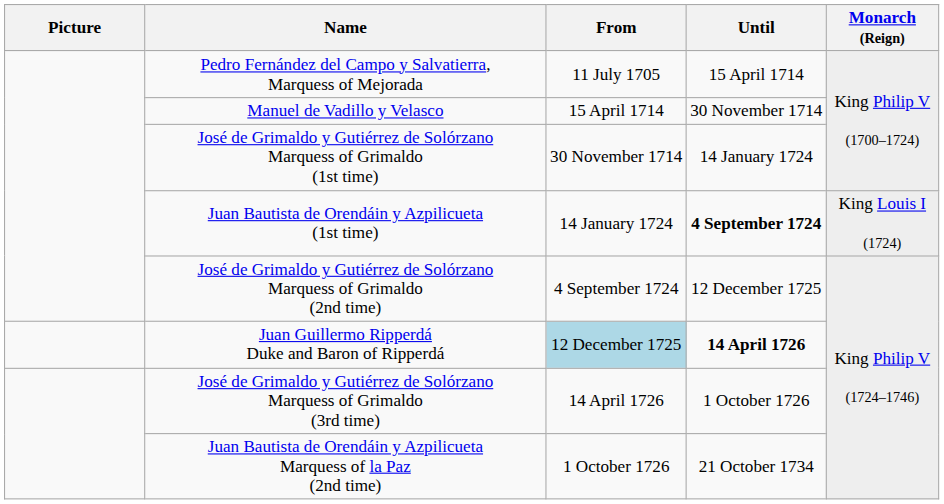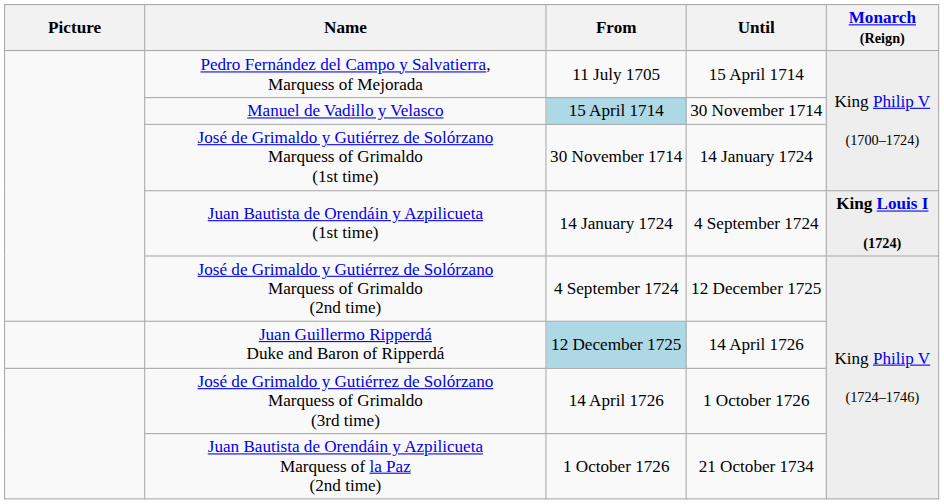 <table class="wikitable" style="text-align:center">
 <tr>
 <th style="width:80px;">Picture</th>
 <th style="width:43%;">Name</th>
 <th style="width:15%;">From</th>
 <th style="width:15%;">Until</th>
 <th style="width:12%;"><a href='#'>Monarch</a><br><small>(Reign)</small></th>
 </tr>
 <tr>
 <td rowspan="5"></td>
 <td><a href='#'>Pedro Fernández del Campo y Salvatierra</a>, <br>Marquess of Mejorada</td>
 <td>11 July 1705</td>
 <td>15 April 1714</td>
 <td rowspan="3" style="background:#EEE">King <a href='#'>Philip V</a><br><br><small>(1700–1724)</small></td>
 </tr>
 <tr>
 <td><a href='#'>Manuel de Vadillo y Velasco</a></td>
-<td>15 April 1714</td>
+<td style="background: lightblue;">15 April 1714</td>
 <td>30 November 1714</td>
 </tr>
 <tr>
 <td><a href='#'>José de Grimaldo y Gutiérrez de Solórzano</a><br>Marquess of Grimaldo<br>(1st time)</td>
 <td>30 November 1714</td>
 <td>14 January 1724</td>
 </tr>
 <tr>
 <td><a href='#'>Juan Bautista de Orendáin y Azpilicueta</a><br>(1st time)</td>
 <td>14 January 1724</td>
-<td><strong>4 September 1724</strong></td>
-<td style="background:#EEE">King <a href='#'>Louis I</a><br><br><small>(1724)</small></td>
+<td>4 September 1724</td>
+<td style="background:#EEE"><strong>King <a href='#'>Louis I</a><br><br><small>(1724)</small></strong></td>
 </tr>
 <tr>
 <td><a href='#'>José de Grimaldo y Gutiérrez de Solórzano</a><br>Marquess of Grimaldo<br>(2nd time)</td>
 <td>4 September 1724</td>
 <td>12 December 1725</td>
 <td style="background:#EEE" rowspan="4">King <a href='#'>Philip V</a><br><br><small>(1724–1746)</small></td>
 </tr>
 <tr>
 <td></td>
 <td><a href='#'>Juan Guillermo Ripperdá</a><br>Duke and Baron of Ripperdá</td>
 <td style="background: lightblue;">12 December 1725</td>
-<td><strong>14 April 1726</strong></td>
+<td>14 April 1726</td>
 </tr>
 <tr>
 <td rowspan="2"></td>
 <td><a href='#'>José de Grimaldo y Gutiérrez de Solórzano</a><br>Marquess of Grimaldo<br>(3rd time)</td>
 <td>14 April 1726</td>
 <td>1 October 1726</td>
 </tr>
 <tr>
 <td><a href='#'>Juan Bautista de Orendáin y Azpilicueta</a><br>Marquess of <a href='#'>la Paz</a><br>(2nd time)</td>
 <td>1 October 1726</td>
 <td>21 October 1734</td>
 </tr>
 </table>
